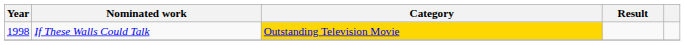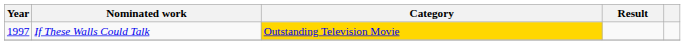 <table class="wikitable">
 <tr>
 <th scope="col" style="width:1em;">Year</th>
 <th scope="col" style="width:20em;">Nominated work</th>
 <th scope="col" style="width:30em;">Category</th>
 <th scope="col" style="width:5em;">Result</th>
 <th scope="col" style="width:1em;"></th>
 </tr>
 <tr>
-<td><a href='#'>1998</a></td>
+<td><a href='#'>1997</a></td>
 <td><em><a href='#'>If These Walls Could Talk</a></em></td>
 <td style="background: gold;"><a href='#'>Outstanding Television Movie</a></td>
 <td></td>
 <td style="text-align:center;"></td>
 </tr>
 <tr>
 </tr>
 </table>
